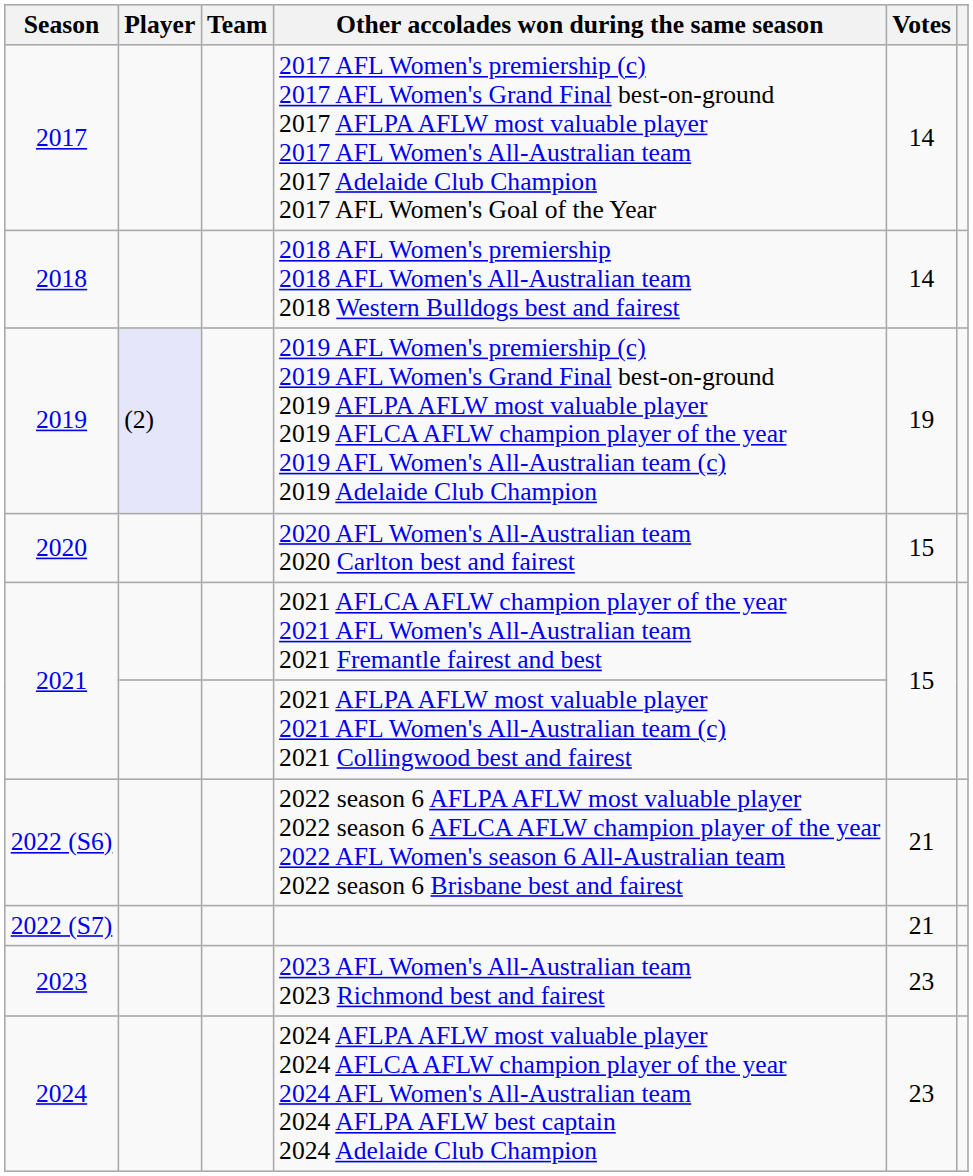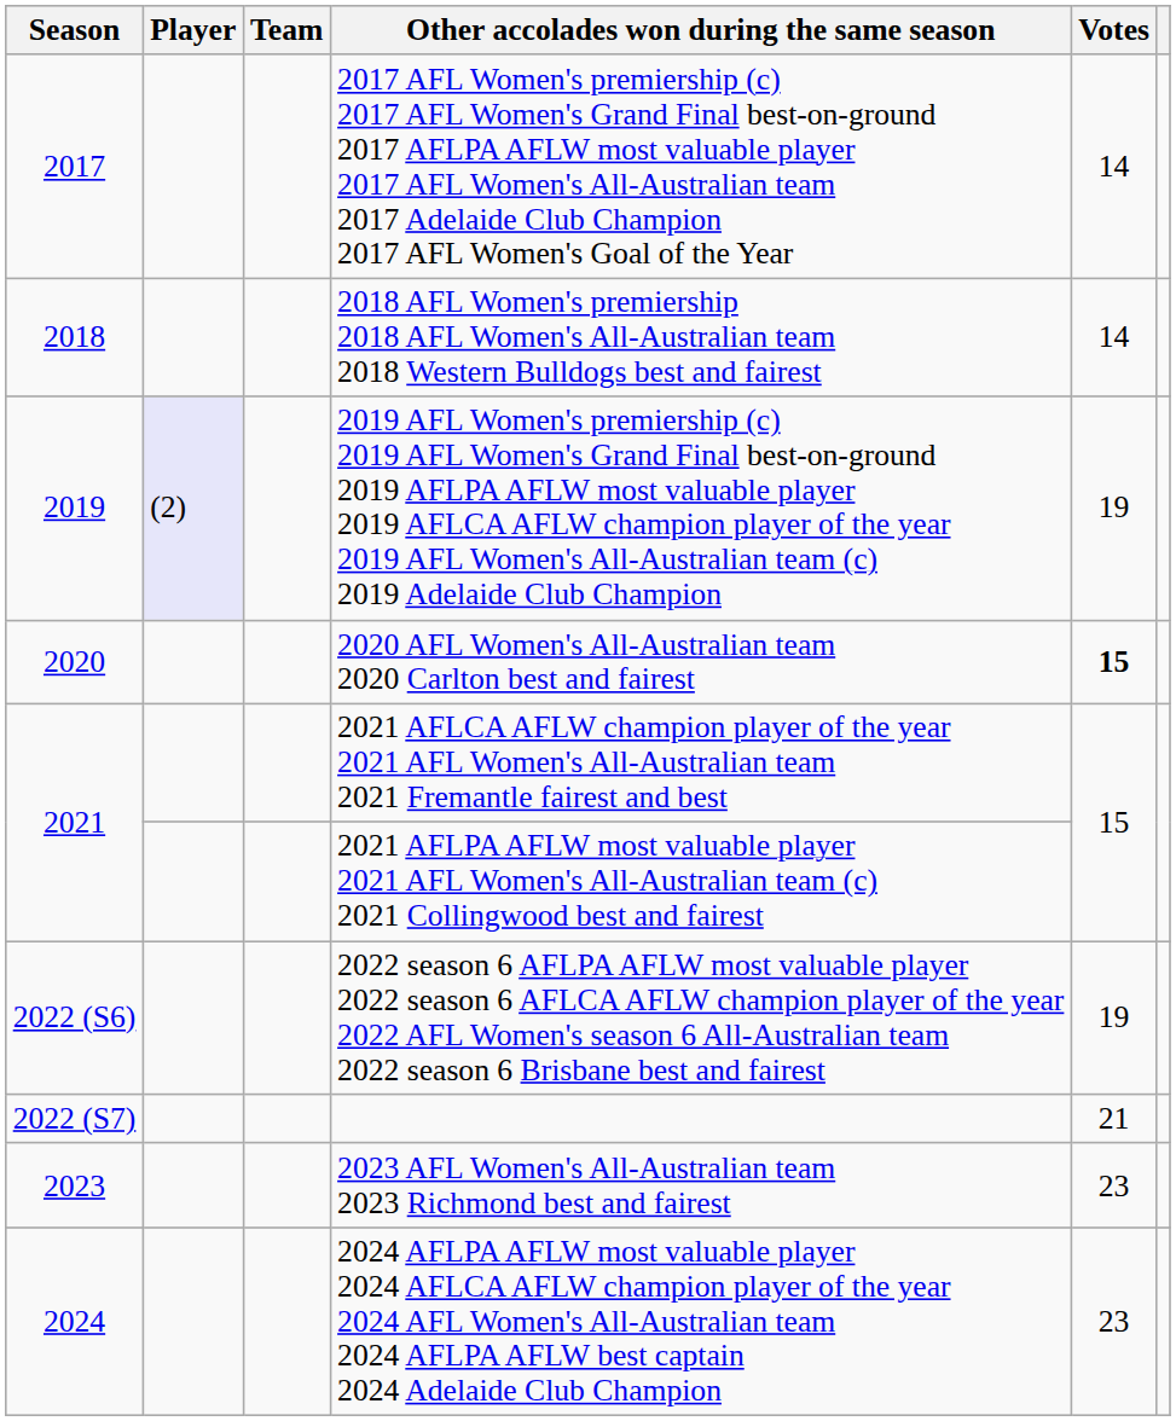 <table class="wikitable sortable">
 <tr>
 <th>Season</th>
 <th>Player</th>
 <th>Team</th>
 <th class=unsortable>Other accolades won during the same season</th>
 <th>Votes</th>
 <th class=unsortable></th>
 </tr>
 <tr>
 <td align=center><a href='#'>2017</a></td>
 <td></td>
 <td></td>
 <td><a href='#'>2017 AFL Women's premiership (c)</a><br><a href='#'>2017 AFL Women's Grand Final</a> best-on-ground<br>2017 <a href='#'>AFLPA AFLW most valuable player</a><br><a href='#'>2017 AFL Women's All-Australian team</a><br>2017 <a href='#'>Adelaide Club Champion</a><br>2017 AFL Women's Goal of the Year</td>
 <td align=center>14</td>
 <td align=center></td>
 </tr>
 <tr>
 <td align=center><a href='#'>2018</a></td>
 <td></td>
 <td></td>
 <td><a href='#'>2018 AFL Women's premiership</a><br><a href='#'>2018 AFL Women's All-Australian team</a><br>2018 <a href='#'>Western Bulldogs best and fairest</a></td>
 <td align=center>14</td>
 <td align=center></td>
 </tr>
 <tr>
 <td align=center><a href='#'>2019</a></td>
 <td style="background: lavender;"> (2)</td>
 <td></td>
 <td><a href='#'>2019 AFL Women's premiership (c)</a><br><a href='#'>2019 AFL Women's Grand Final</a> best-on-ground<br>2019 <a href='#'>AFLPA AFLW most valuable player</a><br>2019 <a href='#'>AFLCA AFLW champion player of the year</a><br><a href='#'>2019 AFL Women's All-Australian team (c)</a><br>2019 <a href='#'>Adelaide Club Champion</a></td>
 <td align=center>19</td>
 <td align=center></td>
 </tr>
 <tr>
 <td align=center><a href='#'>2020</a></td>
 <td></td>
 <td></td>
 <td><a href='#'>2020 AFL Women's All-Australian team</a><br>2020 <a href='#'>Carlton best and fairest</a></td>
-<td align=center>15</td>
+<td align=center><strong>15</strong></td>
 <td align=center></td>
 </tr>
 <tr>
 <td rowspan=2 align=center><a href='#'>2021</a></td>
 <td></td>
 <td></td>
 <td>2021 <a href='#'>AFLCA AFLW champion player of the year</a><br><a href='#'>2021 AFL Women's All-Australian team</a><br>2021 <a href='#'>Fremantle fairest and best</a></td>
 <td rowspan=2 align=center>15</td>
 <td rowspan=2 align=center></td>
 </tr>
 <tr>
 <td></td>
 <td></td>
 <td>2021 <a href='#'>AFLPA AFLW most valuable player</a><br><a href='#'>2021 AFL Women's All-Australian team (c)</a><br>2021 <a href='#'>Collingwood best and fairest</a></td>
 </tr>
 <tr>
 <td align=center><a href='#'>2022 (S6)</a></td>
 <td></td>
 <td></td>
 <td>2022 season 6 <a href='#'>AFLPA AFLW most valuable player</a><br>2022 season 6 <a href='#'>AFLCA AFLW champion player of the year</a><br><a href='#'>2022 AFL Women's season 6 All-Australian team</a><br>2022 season 6 <a href='#'>Brisbane best and fairest</a></td>
-<td align=center>21</td>
+<td align=center>19</td>
 <td align=center></td>
 </tr>
 <tr>
 <td align=center><a href='#'>2022 (S7)</a></td>
 <td></td>
 <td></td>
 <td></td>
 <td align=center>21</td>
 <td align=center></td>
 </tr>
 <tr>
 <td align=center><a href='#'>2023</a></td>
 <td></td>
 <td></td>
 <td><a href='#'>2023 AFL Women's All-Australian team</a><br>2023 <a href='#'>Richmond best and fairest</a></td>
 <td align=center>23</td>
 <td align=center></td>
 </tr>
 <tr>
 <td align=center><a href='#'>2024</a></td>
 <td></td>
 <td></td>
 <td>2024 <a href='#'>AFLPA AFLW most valuable player</a><br>2024 <a href='#'>AFLCA AFLW champion player of the year</a><br><a href='#'>2024 AFL Women's All-Australian team</a><br>2024 <a href='#'>AFLPA AFLW best captain</a><br>2024 <a href='#'>Adelaide Club Champion</a></td>
 <td align=center>23</td>
 <td align=center></td>
 </tr>
 </table>
